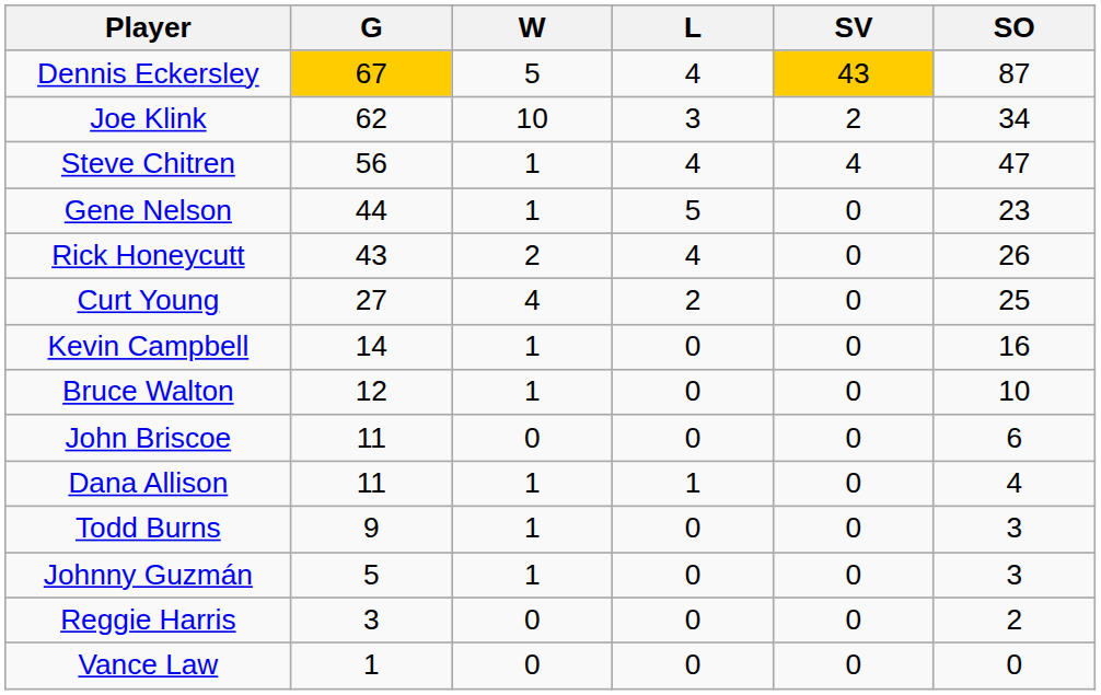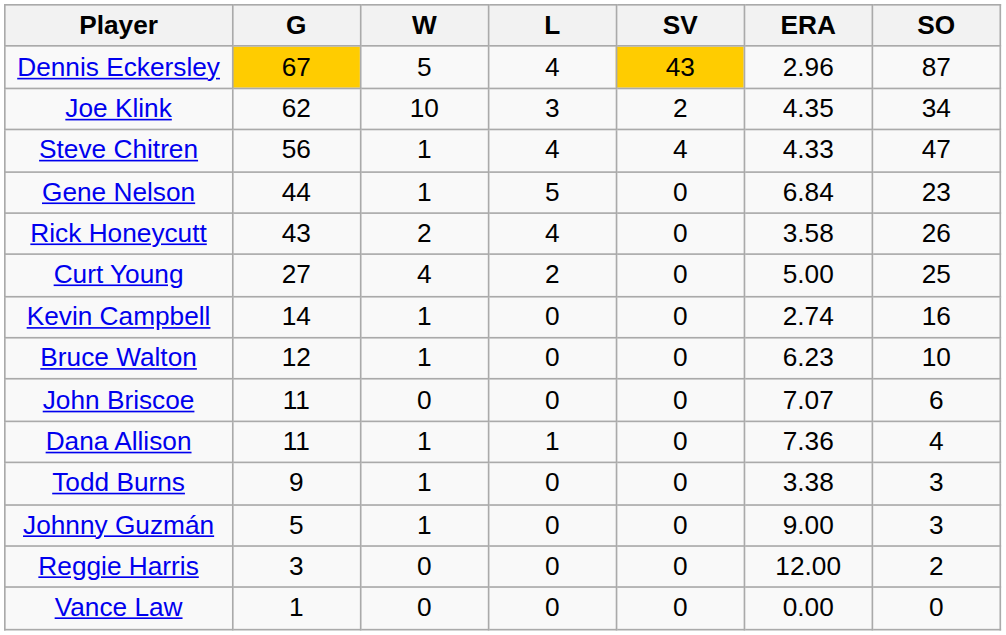 <table class="wikitable sortable">
 <tr>
 <th bgcolor="#DDDDFF" width="16%">Player</th>
 <th bgcolor="#DDDDFF" width="9%">G</th>
 <th bgcolor="#DDDDFF" width="9%">W</th>
 <th bgcolor="#DDDDFF" width="9%">L</th>
 <th bgcolor="#DDDDFF" width="9%">SV</th>
+<th bgcolor="#DDDDFF" width="9%">ERA</th>
 <th bgcolor="#DDDDFF" width="9%">SO</th>
 </tr>
 <tr align="center">
 <td><a href='#'>Dennis Eckersley</a></td>
 <td bgcolor="#FFCC00">67</td>
 <td>5</td>
 <td>4</td>
 <td bgcolor="#FFCC00">43</td>
+<td>2.96</td>
 <td>87</td>
 </tr>
 <tr align="center">
 <td><a href='#'>Joe Klink</a></td>
 <td>62</td>
 <td>10</td>
 <td>3</td>
 <td>2</td>
+<td>4.35</td>
 <td>34</td>
 </tr>
 <tr align="center">
 <td><a href='#'>Steve Chitren</a></td>
 <td>56</td>
 <td>1</td>
 <td>4</td>
 <td>4</td>
+<td>4.33</td>
 <td>47</td>
 </tr>
 <tr align="center">
 <td><a href='#'>Gene Nelson</a></td>
 <td>44</td>
 <td>1</td>
 <td>5</td>
 <td>0</td>
+<td>6.84</td>
 <td>23</td>
 </tr>
 <tr align="center">
 <td><a href='#'>Rick Honeycutt</a></td>
 <td>43</td>
 <td>2</td>
 <td>4</td>
 <td>0</td>
+<td>3.58</td>
 <td>26</td>
 </tr>
 <tr align="center">
 <td><a href='#'>Curt Young</a></td>
 <td>27</td>
 <td>4</td>
 <td>2</td>
 <td>0</td>
+<td>5.00</td>
 <td>25</td>
 </tr>
 <tr align="center">
 <td><a href='#'>Kevin Campbell</a></td>
 <td>14</td>
 <td>1</td>
 <td>0</td>
 <td>0</td>
+<td>2.74</td>
 <td>16</td>
 </tr>
 <tr align="center">
 <td><a href='#'>Bruce Walton</a></td>
 <td>12</td>
 <td>1</td>
 <td>0</td>
 <td>0</td>
+<td>6.23</td>
 <td>10</td>
 </tr>
 <tr align="center">
 <td><a href='#'>John Briscoe</a></td>
 <td>11</td>
 <td>0</td>
 <td>0</td>
 <td>0</td>
+<td>7.07</td>
 <td>6</td>
 </tr>
 <tr align="center">
 <td><a href='#'>Dana Allison</a></td>
 <td>11</td>
 <td>1</td>
 <td>1</td>
 <td>0</td>
+<td>7.36</td>
 <td>4</td>
 </tr>
 <tr align="center">
 <td><a href='#'>Todd Burns</a></td>
 <td>9</td>
 <td>1</td>
 <td>0</td>
 <td>0</td>
+<td>3.38</td>
 <td>3</td>
 </tr>
 <tr align="center">
 <td><a href='#'>Johnny Guzmán</a></td>
 <td>5</td>
 <td>1</td>
 <td>0</td>
 <td>0</td>
+<td>9.00</td>
 <td>3</td>
 </tr>
 <tr align="center">
 <td><a href='#'>Reggie Harris</a></td>
 <td>3</td>
 <td>0</td>
 <td>0</td>
 <td>0</td>
+<td>12.00</td>
 <td>2</td>
 </tr>
 <tr align="center">
 <td><a href='#'>Vance Law</a></td>
 <td>1</td>
 <td>0</td>
 <td>0</td>
 <td>0</td>
+<td>0.00</td>
 <td>0</td>
 </tr>
 </table>
